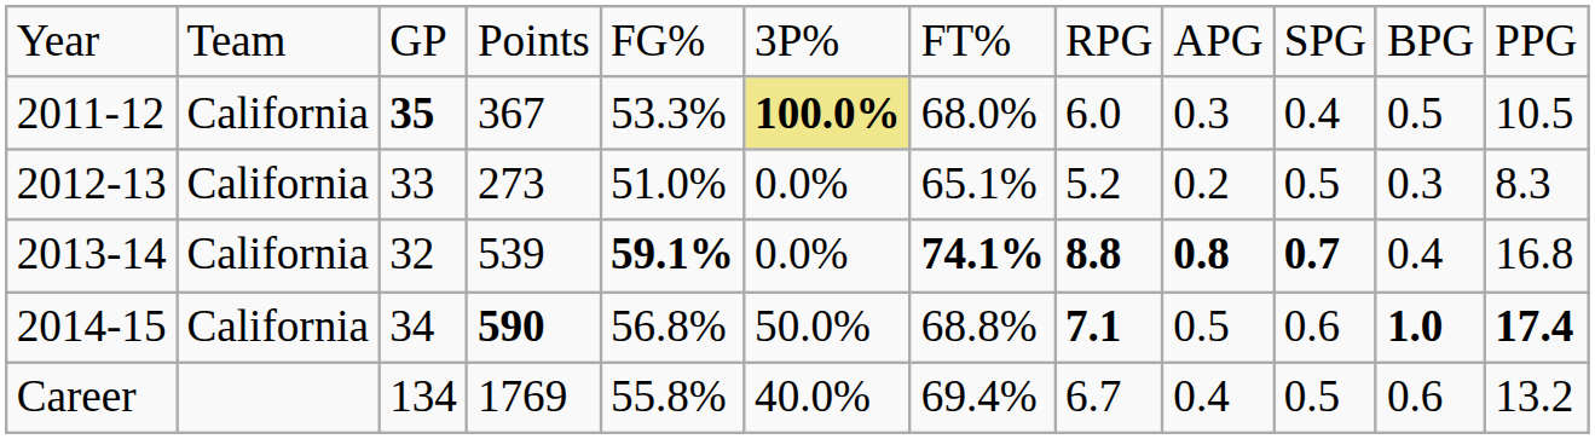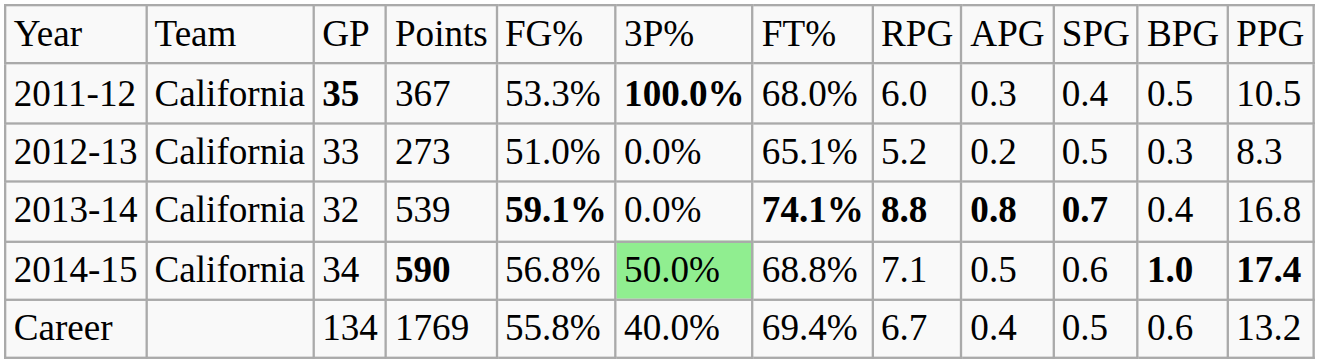 <table class="wikitable">
 <tr>
 <td>Year</td>
 <td>Team</td>
 <td>GP</td>
 <td>Points</td>
 <td>FG%</td>
 <td>3P%</td>
 <td>FT%</td>
 <td>RPG</td>
 <td>APG</td>
 <td>SPG</td>
 <td>BPG</td>
 <td>PPG</td>
 </tr>
 <tr>
 <td>2011-12</td>
 <td>California</td>
 <td><strong>35</strong></td>
 <td>367</td>
 <td>53.3%</td>
-<td style="background: khaki;"><strong>100.0%</strong></td>
+<td><strong>100.0%</strong></td>
 <td>68.0%</td>
 <td>6.0</td>
 <td>0.3</td>
 <td>0.4</td>
 <td>0.5</td>
 <td>10.5</td>
 </tr>
 <tr>
 <td>2012-13</td>
 <td>California</td>
 <td>33</td>
 <td>273</td>
 <td>51.0%</td>
 <td>0.0%</td>
 <td>65.1%</td>
 <td>5.2</td>
 <td>0.2</td>
 <td>0.5</td>
 <td>0.3</td>
 <td>8.3</td>
 </tr>
 <tr>
 <td>2013-14</td>
 <td>California</td>
 <td>32</td>
 <td>539</td>
 <td><strong>59.1%</strong></td>
 <td>0.0%</td>
 <td><strong>74.1%</strong></td>
 <td><strong>8.8</strong></td>
 <td><strong>0.8</strong></td>
 <td><strong>0.7</strong></td>
 <td>0.4</td>
 <td>16.8</td>
 </tr>
 <tr>
 <td>2014-15</td>
 <td>California</td>
 <td>34</td>
 <td><strong>590</strong></td>
 <td>56.8%</td>
-<td>50.0%</td>
+<td style="background: lightgreen;">50.0%</td>
 <td>68.8%</td>
-<td><strong>7.1</strong></td>
+<td>7.1</td>
 <td>0.5</td>
 <td>0.6</td>
 <td><strong>1.0</strong></td>
 <td><strong>17.4</strong></td>
 </tr>
 <tr>
 <td>Career</td>
 <td></td>
 <td>134</td>
 <td>1769</td>
 <td>55.8%</td>
 <td>40.0%</td>
 <td>69.4%</td>
 <td>6.7</td>
 <td>0.4</td>
 <td>0.5</td>
 <td>0.6</td>
 <td>13.2</td>
 </tr>
 </table>
